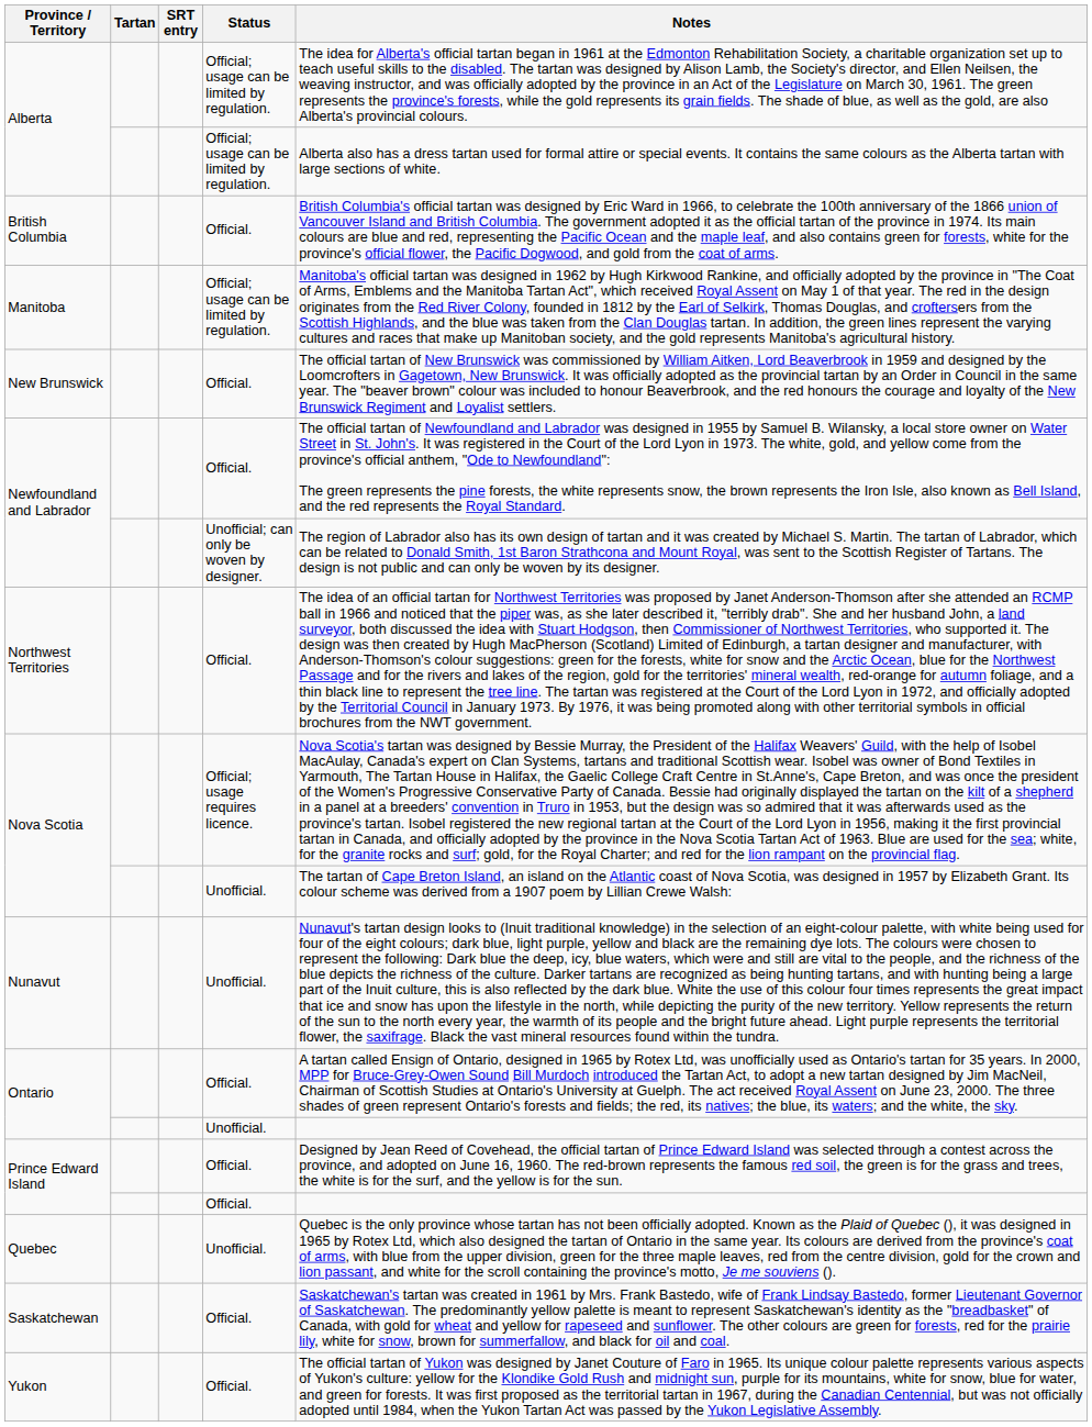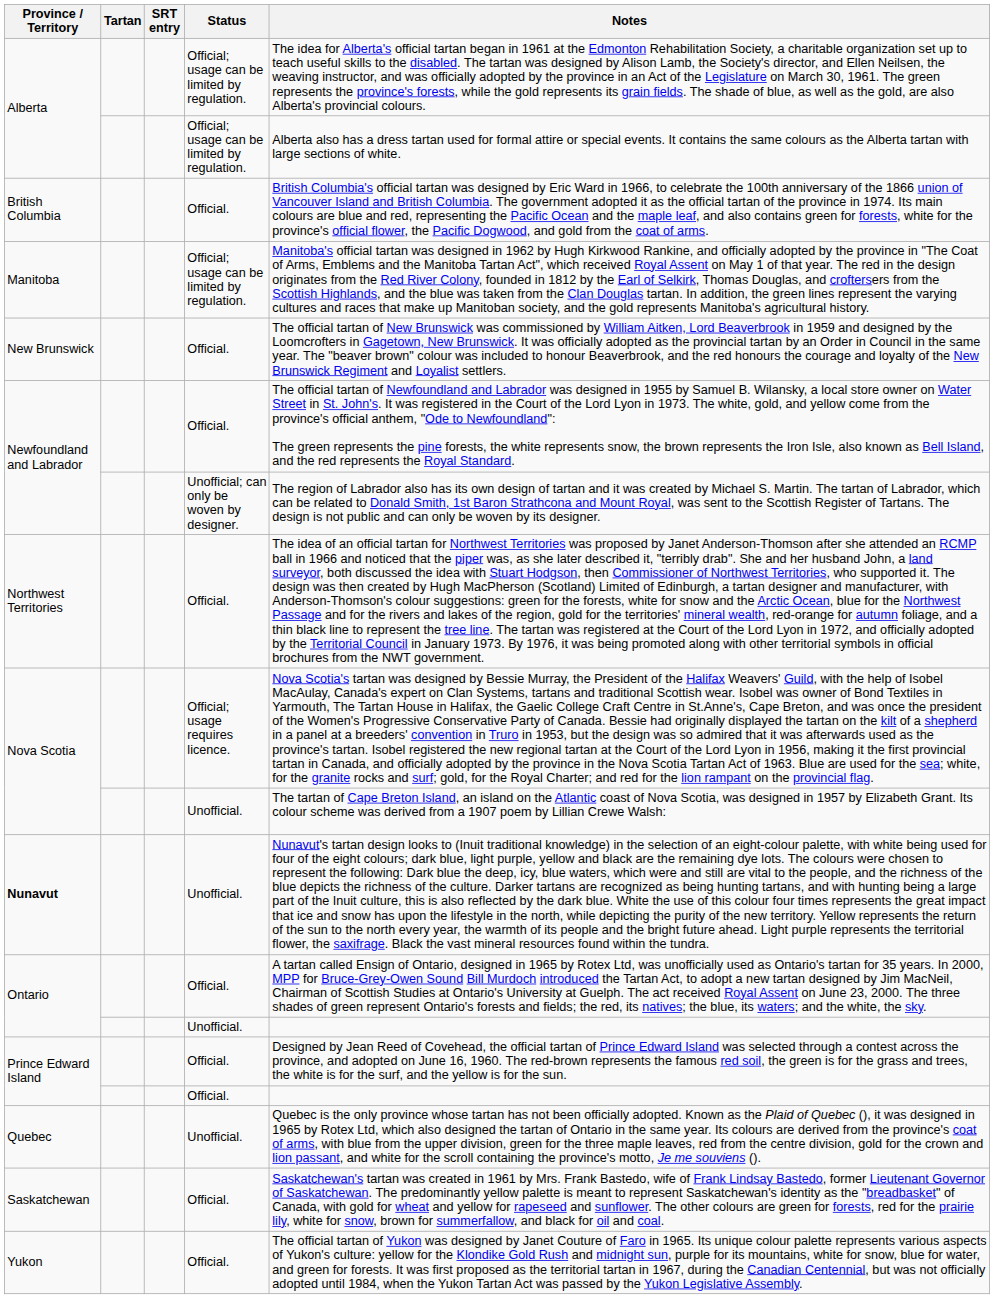 <table class="wikitable sortable sticky-header" style=text-align:left;">
 <tr>
 <th>Province / Territory</th>
 <th>Tartan</th>
 <th>SRT entry</th>
 <th>Status</th>
 <th>Notes</th>
 </tr>
 <tr>
 <td rowspan="2">Alberta</td>
 <td></td>
 <td></td>
 <td>Official; usage can be limited by regulation.</td>
 <td>The idea for <a href='#'>Alberta's</a> official tartan began in 1961 at the <a href='#'>Edmonton</a> Rehabilitation Society, a charitable organization set up to teach useful skills to the <a href='#'>disabled</a>. The tartan was designed by Alison Lamb, the Society's director, and Ellen Neilsen, the weaving instructor, and was officially adopted by the province in an Act of the <a href='#'>Legislature</a> on March 30, 1961. The green represents the <a href='#'>province's forests</a>, while the gold represents its <a href='#'>grain fields</a>. The shade of blue, as well as the gold, are also Alberta's provincial colours.</td>
 </tr>
 <tr>
 <td></td>
 <td></td>
 <td>Official; usage can be limited by regulation.</td>
 <td>Alberta also has a dress tartan used for formal attire or special events. It contains the same colours as the Alberta tartan with large sections of white.</td>
 </tr>
 <tr>
 <td>British Columbia</td>
 <td></td>
 <td></td>
 <td>Official.</td>
 <td><a href='#'>British Columbia's</a> official tartan was designed by Eric Ward in 1966, to celebrate the 100th anniversary of the 1866 <a href='#'>union of Vancouver Island and British Columbia</a>. The government adopted it as the official tartan of the province in 1974. Its main colours are blue and red, representing the <a href='#'>Pacific Ocean</a> and the <a href='#'>maple leaf</a>, and also contains green for <a href='#'>forests</a>, white for the province's <a href='#'>official flower</a>, the <a href='#'>Pacific Dogwood</a>, and gold from the <a href='#'>coat of arms</a>.</td>
 </tr>
 <tr>
 <td>Manitoba</td>
 <td></td>
 <td></td>
 <td>Official; usage can be limited by regulation.</td>
 <td><a href='#'>Manitoba's</a> official tartan was designed in 1962 by Hugh Kirkwood Rankine, and officially adopted by the province in "The Coat of Arms, Emblems and the Manitoba Tartan Act", which received <a href='#'>Royal Assent</a> on May 1 of that year. The red in the design originates from the <a href='#'>Red River Colony</a>, founded in 1812 by the <a href='#'>Earl of Selkirk</a>, Thomas Douglas, and <a href='#'>crofters</a>ers from the <a href='#'>Scottish Highlands</a>, and the blue was taken from the <a href='#'>Clan Douglas</a> tartan. In addition, the green lines represent the varying cultures and races that make up Manitoban society, and the gold represents Manitoba's agricultural history.</td>
 </tr>
 <tr>
 <td>New Brunswick</td>
 <td></td>
 <td></td>
 <td>Official.</td>
 <td>The official tartan of <a href='#'>New Brunswick</a> was commissioned by <a href='#'>William Aitken, Lord Beaverbrook</a> in 1959 and designed by the Loomcrofters in <a href='#'>Gagetown, New Brunswick</a>. It was officially adopted as the provincial tartan by an Order in Council in the same year. The "beaver brown" colour was included to honour Beaverbrook, and the red honours the courage and loyalty of the <a href='#'>New Brunswick Regiment</a> and <a href='#'>Loyalist</a> settlers.</td>
 </tr>
 <tr>
 <td rowspan="2">Newfoundland and Labrador</td>
 <td></td>
 <td></td>
 <td>Official.</td>
 <td>The official tartan of <a href='#'>Newfoundland and Labrador</a> was designed in 1955 by Samuel B. Wilansky, a local store owner on <a href='#'>Water Street</a> in <a href='#'>St. John's</a>. It was registered in the Court of the Lord Lyon in 1973. The white, gold, and yellow come from the province's official anthem, "<a href='#'>Ode to Newfoundland</a>":<br><br>The green represents the <a href='#'>pine</a> forests, the white represents snow, the brown represents the Iron Isle, also known as <a href='#'>Bell Island</a>, and the red represents the <a href='#'>Royal Standard</a>.</td>
 </tr>
 <tr>
 <td></td>
 <td></td>
 <td>Unofficial; can only be woven by designer.</td>
 <td>The region of Labrador also has its own design of tartan and it was created by Michael S. Martin. The tartan of Labrador, which can be related to <a href='#'>Donald Smith, 1st Baron Strathcona and Mount Royal</a>, was sent to the Scottish Register of Tartans. The design is not public and can only be woven by its designer.</td>
 </tr>
 <tr>
 <td>Northwest Territories</td>
 <td></td>
 <td></td>
 <td>Official.</td>
 <td>The idea of an official tartan for <a href='#'>Northwest Territories</a> was proposed by Janet Anderson-Thomson after she attended an <a href='#'>RCMP</a> ball in 1966 and noticed that the <a href='#'>piper</a> was, as she later described it, "terribly drab". She and her husband John, a <a href='#'>land surveyor</a>, both discussed the idea with <a href='#'>Stuart Hodgson</a>, then <a href='#'>Commissioner of Northwest Territories</a>, who supported it. The design was then created by Hugh MacPherson (Scotland) Limited of Edinburgh, a tartan designer and manufacturer, with Anderson-Thomson's colour suggestions: green for the forests, white for snow and the <a href='#'>Arctic Ocean</a>, blue for the <a href='#'>Northwest Passage</a> and for the rivers and lakes of the region, gold for the territories' <a href='#'>mineral wealth</a>, red-orange for <a href='#'>autumn</a> foliage, and a thin black line to represent the <a href='#'>tree line</a>. The tartan was registered at the Court of the Lord Lyon in 1972, and officially adopted by the <a href='#'>Territorial Council</a> in January 1973. By 1976, it was being promoted along with other territorial symbols in official brochures from the NWT government.</td>
 </tr>
 <tr>
 <td rowspan="2">Nova Scotia</td>
 <td></td>
 <td></td>
 <td>Official; usage requires licence.</td>
 <td><a href='#'>Nova Scotia's</a> tartan was designed by Bessie Murray, the President of the <a href='#'>Halifax</a> Weavers' <a href='#'>Guild</a>, with the help of Isobel MacAulay, Canada's expert on Clan Systems, tartans and traditional Scottish wear. Isobel was owner of Bond Textiles in Yarmouth, The Tartan House in Halifax, the Gaelic College Craft Centre in St.Anne's, Cape Breton, and was once the president of the Women's Progressive Conservative Party of Canada. Bessie had originally displayed the tartan on the <a href='#'>kilt</a> of a <a href='#'>shepherd</a> in a panel at a breeders' <a href='#'>convention</a> in <a href='#'>Truro</a> in 1953, but the design was so admired that it was afterwards used as the province's tartan. Isobel registered the new regional tartan at the Court of the Lord Lyon in 1956, making it the first provincial tartan in Canada, and officially adopted by the province in the Nova Scotia Tartan Act of 1963. Blue are used for the <a href='#'>sea</a>; white, for the <a href='#'>granite</a> rocks and <a href='#'>surf</a>; gold, for the Royal Charter; and red for the <a href='#'>lion rampant</a> on the <a href='#'>provincial flag</a>.</td>
 </tr>
 <tr>
 <td></td>
 <td></td>
 <td>Unofficial.</td>
 <td>The tartan of <a href='#'>Cape Breton Island</a>, an island on the <a href='#'>Atlantic</a> coast of Nova Scotia, was designed in 1957 by Elizabeth Grant. Its colour scheme was derived from a 1907 poem by Lillian Crewe Walsh:<br><blockquote></blockquote></td>
 </tr>
 <tr>
-<td>Nunavut</td>
+<td><strong>Nunavut</strong></td>
 <td></td>
 <td></td>
 <td>Unofficial.</td>
 <td><a href='#'>Nunavut</a>'s tartan design looks to  (Inuit traditional knowledge) in the selection of an eight-colour palette, with white being used for four of the eight colours; dark blue, light purple, yellow and black are the remaining dye lots.  The colours were chosen to represent the following: Dark blue the deep, icy, blue waters, which were and still are vital to the people, and the richness of the blue depicts the richness of the culture.  Darker tartans are recognized as being hunting tartans, and with hunting being a large part of the Inuit culture, this is also reflected by the dark blue.  White the use of this colour four times represents the great impact that ice and snow has upon the lifestyle in the north, while depicting the purity of the new territory.  Yellow represents the return of the sun to the north every year, the warmth of its people and the bright future ahead.  Light purple represents the territorial flower, the <a href='#'>saxifrage</a>.  Black the vast mineral resources found within the tundra.</td>
 </tr>
 <tr>
 <td rowspan="2">Ontario</td>
 <td></td>
 <td></td>
 <td>Official.</td>
 <td>A tartan called Ensign of Ontario, designed in 1965 by Rotex Ltd, was unofficially used as Ontario's tartan for 35 years. In 2000, <a href='#'>MPP</a> for <a href='#'>Bruce-Grey-Owen Sound</a> <a href='#'>Bill Murdoch</a> <a href='#'>introduced</a> the Tartan Act, to adopt a new tartan designed by Jim MacNeil, Chairman of Scottish Studies at Ontario's University at Guelph. The act received <a href='#'>Royal Assent</a> on June 23, 2000. The three shades of green represent Ontario's forests and fields; the red, its <a href='#'>natives</a>; the blue, its <a href='#'>waters</a>; and the white, the <a href='#'>sky</a>.</td>
 </tr>
 <tr>
 <td></td>
 <td></td>
 <td>Unofficial.</td>
 <td></td>
 </tr>
 <tr>
 <td rowspan="2">Prince Edward Island</td>
 <td></td>
 <td></td>
 <td>Official.</td>
 <td>Designed by Jean Reed of Covehead, the official tartan of <a href='#'>Prince Edward Island</a> was selected through a contest across the province, and adopted on June 16, 1960. The red-brown represents the famous <a href='#'>red soil</a>, the green is for the grass and trees, the white is for the surf, and the yellow is for the sun.</td>
 </tr>
 <tr>
 <td></td>
 <td></td>
 <td>Official.</td>
 <td></td>
 </tr>
 <tr>
 <td>Quebec</td>
 <td></td>
 <td></td>
 <td>Unofficial.</td>
 <td>Quebec is the only province whose tartan has not been officially adopted. Known as the <em>Plaid of Quebec</em> (), it was designed in 1965 by Rotex Ltd, which also designed the tartan of Ontario in the same year. Its colours are derived from the province's <a href='#'>coat of arms</a>, with blue from the upper division, green for the three maple leaves, red from the centre division, gold for the crown and <a href='#'>lion passant</a>, and white for the scroll containing the province's motto, <em><a href='#'>Je me souviens</a></em> ().</td>
 </tr>
 <tr>
 <td>Saskatchewan</td>
 <td></td>
 <td></td>
 <td>Official.</td>
 <td><a href='#'>Saskatchewan's</a> tartan was created in 1961 by Mrs. Frank Bastedo, wife of <a href='#'>Frank Lindsay Bastedo</a>, former <a href='#'>Lieutenant Governor of Saskatchewan</a>. The predominantly yellow palette is meant to represent Saskatchewan's identity as the "<a href='#'>breadbasket</a>" of Canada, with gold for <a href='#'>wheat</a> and yellow for <a href='#'>rapeseed</a> and <a href='#'>sunflower</a>. The other colours are green for <a href='#'>forests</a>, red for the <a href='#'>prairie lily</a>, white for <a href='#'>snow</a>, brown for <a href='#'>summerfallow</a>, and black for <a href='#'>oil</a> and <a href='#'>coal</a>.</td>
 </tr>
 <tr>
 <td>Yukon</td>
 <td></td>
 <td></td>
 <td>Official.</td>
 <td>The official tartan of <a href='#'>Yukon</a> was designed by Janet Couture of <a href='#'>Faro</a> in 1965. Its unique colour palette represents various aspects of Yukon's culture: yellow for the <a href='#'>Klondike Gold Rush</a> and <a href='#'>midnight sun</a>, purple for its mountains, white for snow, blue for water, and green for forests. It was first proposed as the territorial tartan in 1967, during the <a href='#'>Canadian Centennial</a>, but was not officially adopted until 1984, when the Yukon Tartan Act was passed by the <a href='#'>Yukon Legislative Assembly</a>.</td>
 </tr>
 </table>
